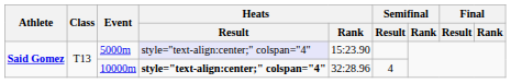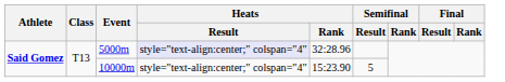 <table class=wikitable style="font-size:90%">
 <tr>
 <th rowspan="2">Athlete</th>
 <th rowspan="2">Class</th>
 <th rowspan="2">Event</th>
 <th colspan="2">Heats</th>
 <th colspan="2">Semifinal</th>
 <th colspan="2">Final</th>
 </tr>
 <tr>
 <th>Result</th>
 <th>Rank</th>
 <th>Result</th>
 <th>Rank</th>
 <th>Result</th>
 <th>Rank</th>
 </tr>
 <tr>
 <td rowspan="2"><strong><a href='#'>Said Gomez</a></strong></td>
 <td rowspan="2" style="text-align:center;">T13</td>
 <td><a href='#'>5000m</a></td>
 <td style="background: lavender;">style="text-align:center;" colspan="4" </td>
-<td style="text-align:center;">15:23.90</td>
+<td style="text-align:center;">32:28.96</td>
 <td style="text-align:center;"></td>
 </tr>
 <tr>
 <td><a href='#'>10000m</a></td>
-<td><strong>style="text-align:center;" colspan="4" </strong></td>
-<td style="text-align:center;">32:28.96</td>
-<td style="text-align:center;">4</td>
+<td>style="text-align:center;" colspan="4" </td>
+<td style="text-align:center;">15:23.90</td>
+<td style="text-align:center;">5</td>
 </tr>
 </table>
